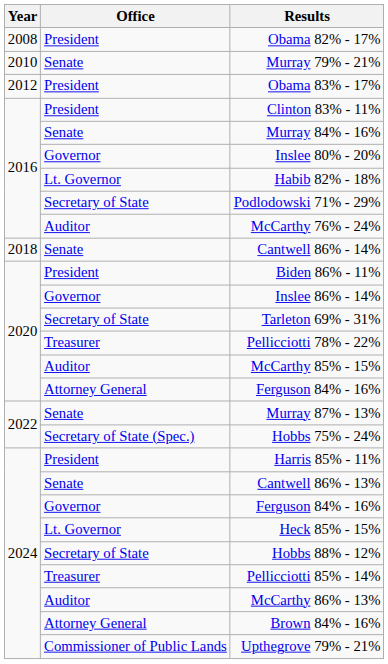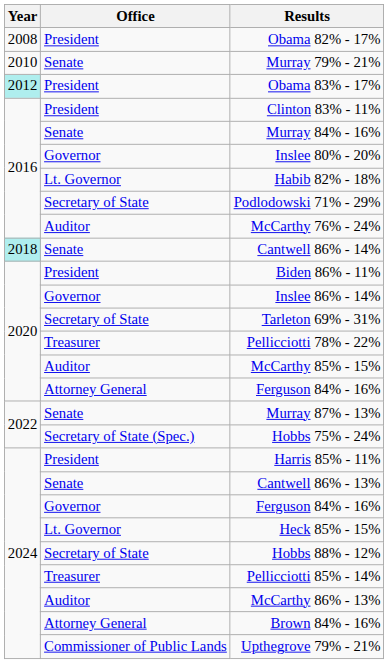 <table class=wikitable>
 <tr>
 <th>Year</th>
 <th>Office</th>
 <th>Results</th>
 </tr>
 <tr>
 <td>2008</td>
 <td><a href='#'>President</a></td>
 <td align="right" ><a href='#'>Obama</a> 82% - 17%</td>
 </tr>
 <tr>
 <td>2010</td>
 <td><a href='#'>Senate</a></td>
 <td align="right" ><a href='#'>Murray</a> 79% - 21%</td>
 </tr>
 <tr>
-<td>2012</td>
+<td style="background: paleturquoise;">2012</td>
 <td><a href='#'>President</a></td>
 <td align="right" ><a href='#'>Obama</a> 83% - 17%</td>
 </tr>
 <tr>
 <td rowspan=6>2016</td>
 <td><a href='#'>President</a></td>
 <td align="right" ><a href='#'>Clinton</a> 83% - 11%</td>
 </tr>
 <tr>
 <td><a href='#'>Senate</a></td>
 <td align="right" ><a href='#'>Murray</a> 84% - 16%</td>
 </tr>
 <tr>
 <td><a href='#'>Governor</a></td>
 <td align="right" ><a href='#'>Inslee</a> 80% - 20%</td>
 </tr>
 <tr>
 <td><a href='#'>Lt. Governor</a></td>
 <td align="right" ><a href='#'>Habib</a> 82% - 18%</td>
 </tr>
 <tr>
 <td><a href='#'>Secretary of State</a></td>
 <td align="right" ><a href='#'>Podlodowski</a> 71% - 29%</td>
 </tr>
 <tr>
 <td><a href='#'>Auditor</a></td>
 <td align="right" ><a href='#'>McCarthy</a> 76% - 24%</td>
 </tr>
 <tr>
-<td>2018</td>
+<td style="background: paleturquoise;">2018</td>
 <td><a href='#'>Senate</a></td>
 <td align="right" ><a href='#'>Cantwell</a> 86% - 14%</td>
 </tr>
 <tr>
 <td rowspan=6>2020</td>
 <td><a href='#'>President</a></td>
 <td align="right" ><a href='#'>Biden</a> 86% - 11%</td>
 </tr>
 <tr>
 <td><a href='#'>Governor</a></td>
 <td align="right" ><a href='#'>Inslee</a> 86% - 14%</td>
 </tr>
 <tr>
 <td><a href='#'>Secretary of State</a></td>
 <td align="right" ><a href='#'>Tarleton</a> 69% - 31%</td>
 </tr>
 <tr>
 <td><a href='#'>Treasurer</a></td>
 <td align="right" ><a href='#'>Pellicciotti</a> 78% - 22%</td>
 </tr>
 <tr>
 <td><a href='#'>Auditor</a></td>
 <td align="right" ><a href='#'>McCarthy</a> 85% - 15%</td>
 </tr>
 <tr>
 <td><a href='#'>Attorney General</a></td>
 <td align="right" ><a href='#'>Ferguson</a> 84% - 16%</td>
 </tr>
 <tr>
 <td rowspan=2>2022</td>
 <td><a href='#'>Senate</a></td>
 <td align="right" ><a href='#'>Murray</a> 87% - 13%</td>
 </tr>
 <tr>
 <td><a href='#'>Secretary of State (Spec.)</a></td>
 <td align="right" ><a href='#'>Hobbs</a> 75% - 24%</td>
 </tr>
 <tr>
 <td rowspan=9>2024</td>
 <td><a href='#'>President</a></td>
 <td align="right" ><a href='#'>Harris</a> 85% - 11%</td>
 </tr>
 <tr>
 <td><a href='#'>Senate</a></td>
 <td align="right" ><a href='#'>Cantwell</a> 86% - 13%</td>
 </tr>
 <tr>
 <td><a href='#'>Governor</a></td>
 <td align="right" ><a href='#'>Ferguson</a> 84% - 16%</td>
 </tr>
 <tr>
 <td><a href='#'>Lt. Governor</a></td>
 <td align="right" ><a href='#'>Heck</a> 85% - 15%</td>
 </tr>
 <tr>
 <td><a href='#'>Secretary of State</a></td>
 <td align="right" ><a href='#'>Hobbs</a> 88% - 12%</td>
 </tr>
 <tr>
 <td><a href='#'>Treasurer</a></td>
 <td align="right" ><a href='#'>Pellicciotti</a> 85% - 14%</td>
 </tr>
 <tr>
 <td><a href='#'>Auditor</a></td>
 <td align="right" ><a href='#'>McCarthy</a> 86% - 13%</td>
 </tr>
 <tr>
 <td><a href='#'>Attorney General</a></td>
 <td align="right" ><a href='#'>Brown</a> 84% - 16%</td>
 </tr>
 <tr>
 <td><a href='#'>Commissioner of Public Lands</a></td>
 <td align="right" ><a href='#'>Upthegrove</a> 79% - 21%</td>
 </tr>
 </table>
